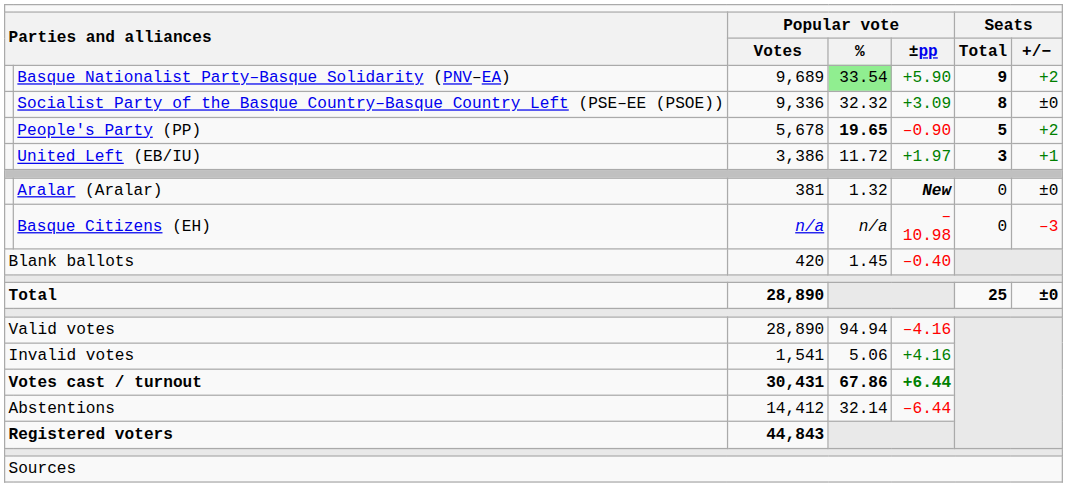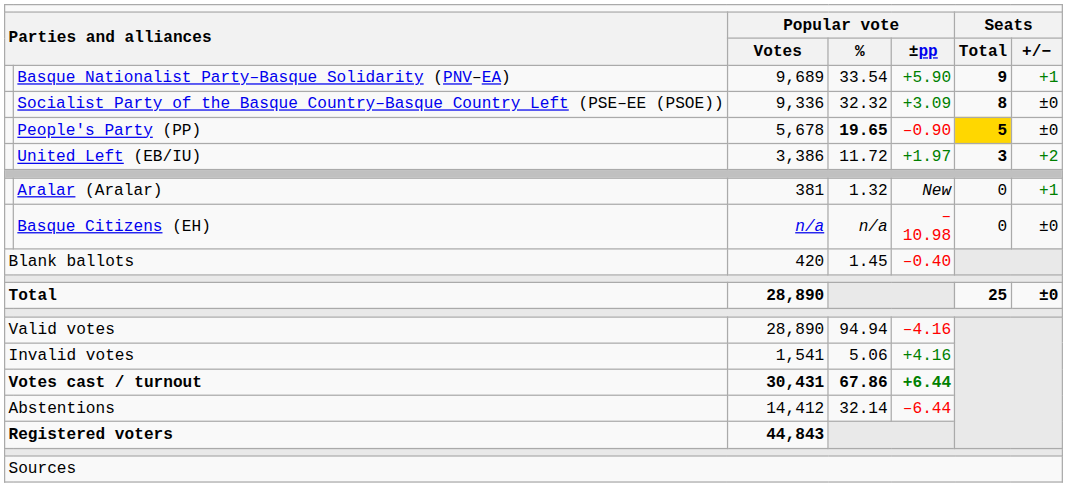 <table class="wikitable" style="text-align:right;">
 <tr>
 <td colspan="7"></td>
 </tr>
 <tr>
 <th style="text-align:left;" rowspan="2" colspan="2" width="525">Parties and alliances</th>
 <th colspan="3">Popular vote</th>
 <th colspan="2">Seats</th>
 </tr>
 <tr>
 <th width="75">Votes</th>
 <th width="45">%</th>
 <th width="45">±<a href='#'>pp</a></th>
 <th width="35">Total</th>
 <th width="35">+/−</th>
 </tr>
 <tr>
 <td width="1" style="color:inherit;background:"></td>
 <td align="left"><a href='#'>Basque Nationalist Party–Basque Solidarity</a> (<a href='#'>PNV</a>–<a href='#'>EA</a>)</td>
 <td>9,689</td>
-<td style="background: lightgreen;">33.54</td>
+<td>33.54</td>
 <td style="color:green;">+5.90</td>
 <td><strong>9</strong></td>
-<td style="color:green;">+2</td>
+<td style="color:green;">+1</td>
 </tr>
 <tr>
 <td style="color:inherit;background:"></td>
 <td align="left"><a href='#'>Socialist Party of the Basque Country–Basque Country Left</a> (PSE–EE (PSOE))</td>
 <td>9,336</td>
 <td>32.32</td>
 <td style="color:green;">+3.09</td>
 <td><strong>8</strong></td>
 <td>±0</td>
 </tr>
 <tr>
 <td style="color:inherit;background:"></td>
 <td align="left"><a href='#'>People's Party</a> (PP)</td>
 <td>5,678</td>
 <td><strong>19.65</strong></td>
 <td style="color:red;">–0.90</td>
-<td><strong>5</strong></td>
-<td style="color:green;">+2</td>
+<td style="background: gold;"><strong>5</strong></td>
+<td>±0</td>
 </tr>
 <tr>
 <td style="color:inherit;background:"></td>
 <td align="left"><a href='#'>United Left</a> (EB/IU)</td>
 <td>3,386</td>
 <td>11.72</td>
 <td style="color:green;">+1.97</td>
 <td><strong>3</strong></td>
-<td style="color:green;">+1</td>
+<td style="color:green;">+2</td>
 </tr>
 <tr>
 <td colspan="7" style="color:inherit;background:#C0C0C0"></td>
 </tr>
 <tr>
 <td style="color:inherit;background:"></td>
 <td align="left"><a href='#'>Aralar</a> (Aralar)</td>
 <td>381</td>
 <td>1.32</td>
-<td><strong><em>New</em></strong></td>
+<td><em>New</em></td>
 <td>0</td>
-<td>±0</td>
+<td style="color:green;">+1</td>
 </tr>
 <tr>
 <td style="color:inherit;background:"></td>
 <td align="left"><a href='#'>Basque Citizens</a> (EH)</td>
 <td><em><a href='#'>n/a</a></em></td>
 <td><em>n/a</em></td>
 <td style="color:red;">–10.98</td>
 <td>0</td>
-<td style="color:red;">–3</td>
+<td>±0</td>
 </tr>
 <tr>
 <td align="left" colspan="2">Blank ballots</td>
 <td>420</td>
 <td>1.45</td>
 <td style="color:red;">–0.40</td>
 <td style="color:inherit;background:#E9E9E9" colspan="2"></td>
 </tr>
 <tr>
 <td colspan="7" style="color:inherit;background:#E9E9E9"></td>
 </tr>
 <tr style="font-weight:bold;">
 <td align="left" colspan="2">Total</td>
 <td>28,890</td>
 <td bgcolor="#E9E9E9" colspan="2"></td>
 <td>25</td>
 <td>±0</td>
 </tr>
 <tr>
 <td colspan="7" style="color:inherit;background:#E9E9E9"></td>
 </tr>
 <tr>
 <td align="left" colspan="2">Valid votes</td>
 <td>28,890</td>
 <td>94.94</td>
 <td style="color:red;">–4.16</td>
 <td bgcolor="#E9E9E9" colspan="2" rowspan="5"></td>
 </tr>
 <tr>
 <td align="left" colspan="2">Invalid votes</td>
 <td>1,541</td>
 <td>5.06</td>
 <td style="color:green;">+4.16</td>
 </tr>
 <tr style="font-weight:bold;">
 <td align="left" colspan="2">Votes cast / turnout</td>
 <td>30,431</td>
 <td>67.86</td>
 <td style="color:green;">+6.44</td>
 </tr>
 <tr>
 <td align="left" colspan="2">Abstentions</td>
 <td>14,412</td>
 <td>32.14</td>
 <td style="color:red;">–6.44</td>
 </tr>
 <tr style="font-weight:bold;">
 <td align="left" colspan="2">Registered voters</td>
 <td>44,843</td>
 <td bgcolor="#E9E9E9" colspan="2"></td>
 </tr>
 <tr>
 <td colspan="7" style="color:inherit;background:#E9E9E9"></td>
 </tr>
 <tr>
 <td align="left" colspan="7">Sources</td>
 </tr>
 </table>
